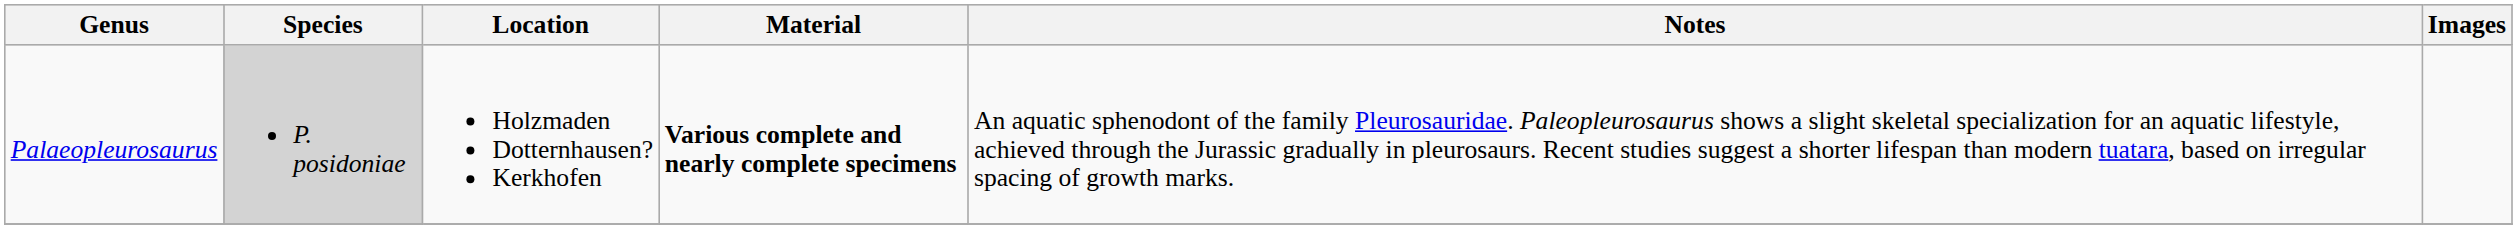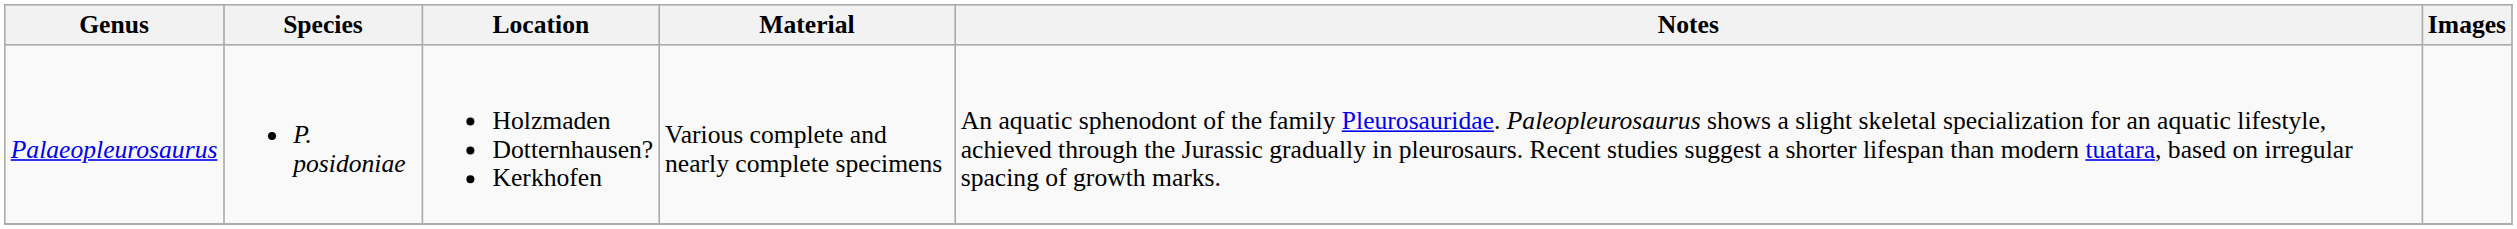 <table class = "wikitable">
 <tr>
 <th>Genus</th>
 <th>Species</th>
 <th>Location</th>
 <th>Material</th>
 <th>Notes</th>
 <th>Images</th>
 </tr>
 <tr>
 <td><br><em><a href='#'>Palaeopleurosaurus</a></em></td>
-<td style="background: lightgrey;"><br><ul><li><em>P. posidoniae</em></li></ul></td>
+<td><br><ul><li><em>P. posidoniae</em></li></ul></td>
 <td><br><ul><li>Holzmaden</li><li>Dotternhausen?</li><li>Kerkhofen</li></ul></td>
-<td><strong><br>Various complete and nearly complete specimens</strong></td>
+<td><br>Various complete and nearly complete specimens</td>
 <td><br>An aquatic sphenodont of the family <a href='#'>Pleurosauridae</a>. <em>Paleopleurosaurus</em> shows a slight skeletal specialization for an aquatic lifestyle, achieved through the Jurassic gradually in pleurosaurs. Recent studies suggest a shorter lifespan than modern <a href='#'>tuatara</a>, based on irregular spacing of growth marks.</td>
 <td><br></td>
 </tr>
 <tr>
 </tr>
 </table>
